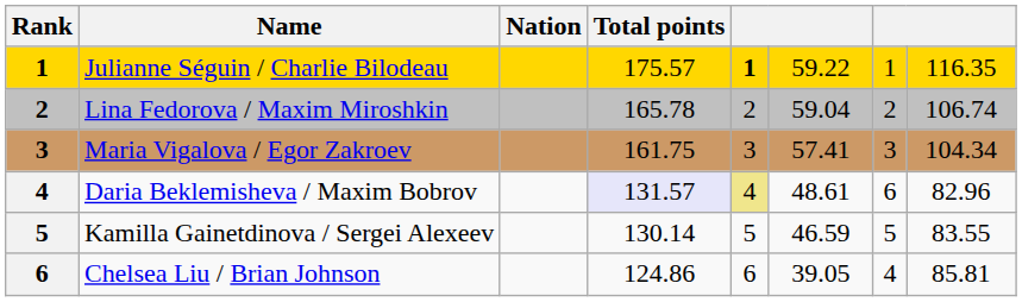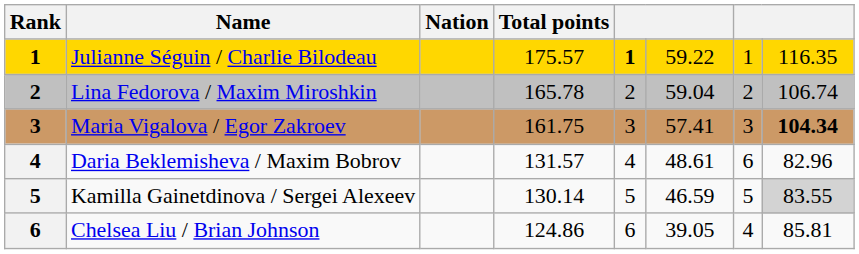 <table class="wikitable sortable">
 <tr>
 <th>Rank</th>
 <th>Name</th>
 <th>Nation</th>
 <th>Total points</th>
 <th colspan="2" width="80px"></th>
 <th colspan="2" width="80px"></th>
 </tr>
 <tr bgcolor="gold">
 <td align="center"><strong>1</strong></td>
 <td><a href='#'>Julianne Séguin</a> / <a href='#'>Charlie Bilodeau</a></td>
 <td></td>
 <td align="center">175.57</td>
 <td align="center"><strong>1</strong></td>
 <td align="center">59.22</td>
 <td align="center">1</td>
 <td align="center">116.35</td>
 </tr>
 <tr bgcolor="silver">
 <td align="center"><strong>2</strong></td>
 <td><a href='#'>Lina Fedorova</a> / <a href='#'>Maxim Miroshkin</a></td>
 <td></td>
 <td align="center">165.78</td>
 <td align="center">2</td>
 <td align="center">59.04</td>
 <td align="center">2</td>
 <td align="center">106.74</td>
 </tr>
 <tr bgcolor="cc9966">
 <td align="center"><strong>3</strong></td>
 <td><a href='#'>Maria Vigalova</a> / <a href='#'>Egor Zakroev</a></td>
 <td></td>
 <td align="center">161.75</td>
 <td align="center">3</td>
 <td align="center">57.41</td>
 <td align="center">3</td>
-<td align="center">104.34</td>
+<td align="center"><strong>104.34</strong></td>
 </tr>
 <tr>
 <th>4</th>
 <td><a href='#'>Daria Beklemisheva</a> / Maxim Bobrov</td>
 <td></td>
-<td align="center" style="background: lavender;">131.57</td>
-<td align="center" style="background: khaki;">4</td>
+<td align="center">131.57</td>
+<td align="center">4</td>
 <td align="center">48.61</td>
 <td align="center">6</td>
 <td align="center">82.96</td>
 </tr>
 <tr>
 <th>5</th>
 <td>Kamilla Gainetdinova / Sergei Alexeev</td>
 <td></td>
 <td align="center">130.14</td>
 <td align="center">5</td>
 <td align="center">46.59</td>
 <td align="center">5</td>
-<td align="center">83.55</td>
+<td align="center" style="background: lightgrey;">83.55</td>
 </tr>
 <tr>
 <th>6</th>
 <td><a href='#'>Chelsea Liu</a> / <a href='#'>Brian Johnson</a></td>
 <td></td>
 <td align="center">124.86</td>
 <td align="center">6</td>
 <td align="center">39.05</td>
 <td align="center">4</td>
 <td align="center">85.81</td>
 </tr>
 </table>
